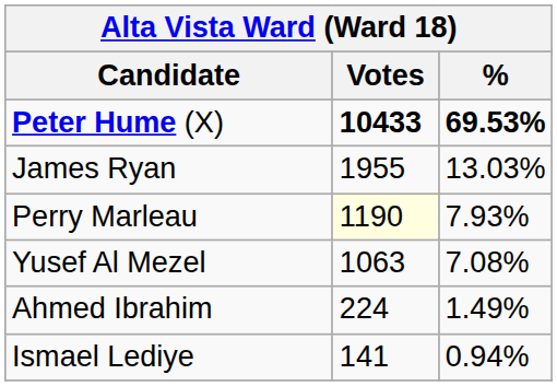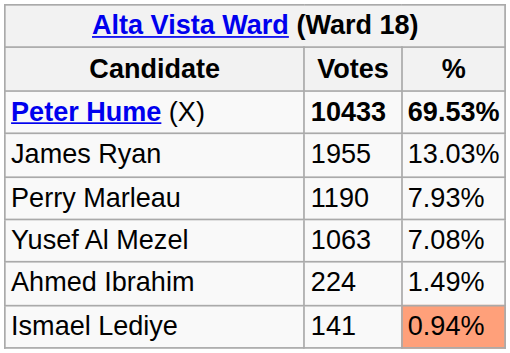 <table class="wikitable">
 <tr>
 <th colspan="3"><a href='#'>Alta Vista Ward</a> (Ward 18)</th>
 </tr>
 <tr>
 <th style="width: 170px">Candidate</th>
 <th style="width: 50px">Votes</th>
 <th style="width: 40px">%</th>
 </tr>
 <tr>
 <td><strong><a href='#'>Peter Hume</a></strong> (X)</td>
 <td><strong>10433</strong></td>
 <td><strong>69.53%</strong></td>
 </tr>
 <tr>
 <td>James Ryan</td>
 <td>1955</td>
 <td>13.03%</td>
 </tr>
 <tr>
 <td>Perry Marleau</td>
-<td style="background: lightyellow;">1190</td>
+<td>1190</td>
 <td>7.93%</td>
 </tr>
 <tr>
 <td>Yusef Al Mezel</td>
 <td>1063</td>
 <td>7.08%</td>
 </tr>
 <tr>
 <td>Ahmed Ibrahim</td>
 <td>224</td>
 <td>1.49%</td>
 </tr>
 <tr>
 <td>Ismael Lediye</td>
 <td>141</td>
-<td>0.94%</td>
+<td style="background: lightsalmon;">0.94%</td>
 </tr>
 </table>
